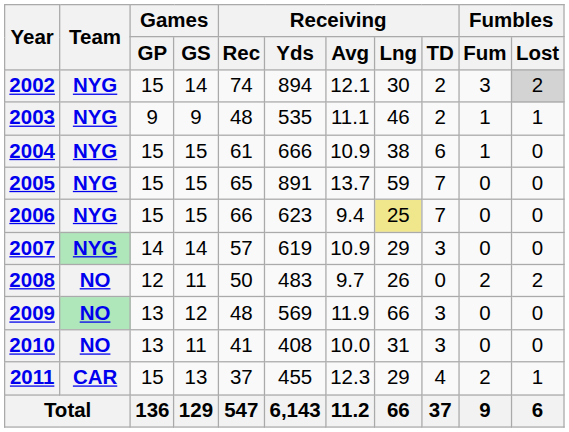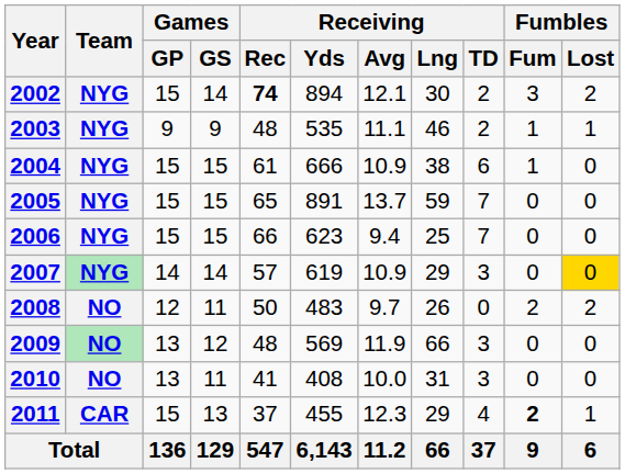 <table class="wikitable" style="text-align: center;">
 <tr>
 <th rowspan="2">Year</th>
 <th rowspan="2">Team</th>
 <th colspan="2">Games</th>
 <th colspan="5">Receiving</th>
 <th colspan="2">Fumbles</th>
 </tr>
 <tr>
 <th>GP</th>
 <th>GS</th>
 <th>Rec</th>
 <th>Yds</th>
 <th>Avg</th>
 <th>Lng</th>
 <th>TD</th>
 <th>Fum</th>
 <th>Lost</th>
 </tr>
 <tr>
 <th><a href='#'>2002</a></th>
 <th><a href='#'>NYG</a></th>
 <td>15</td>
 <td>14</td>
-<td>74</td>
+<td><strong>74</strong></td>
 <td>894</td>
 <td>12.1</td>
 <td>30</td>
 <td>2</td>
 <td>3</td>
-<td style="background: lightgrey;">2</td>
+<td>2</td>
 </tr>
 <tr>
 <th><a href='#'>2003</a></th>
 <th><a href='#'>NYG</a></th>
 <td>9</td>
 <td>9</td>
 <td>48</td>
 <td>535</td>
 <td>11.1</td>
 <td>46</td>
 <td>2</td>
 <td>1</td>
 <td>1</td>
 </tr>
 <tr>
 <th><a href='#'>2004</a></th>
 <th><a href='#'>NYG</a></th>
 <td>15</td>
 <td>15</td>
 <td>61</td>
 <td>666</td>
 <td>10.9</td>
 <td>38</td>
 <td>6</td>
 <td>1</td>
 <td>0</td>
 </tr>
 <tr>
 <th><a href='#'>2005</a></th>
 <th><a href='#'>NYG</a></th>
 <td>15</td>
 <td>15</td>
 <td>65</td>
 <td>891</td>
 <td>13.7</td>
 <td>59</td>
 <td>7</td>
 <td>0</td>
 <td>0</td>
 </tr>
 <tr>
 <th><a href='#'>2006</a></th>
 <th><a href='#'>NYG</a></th>
 <td>15</td>
 <td>15</td>
 <td>66</td>
 <td>623</td>
 <td>9.4</td>
-<td style="background: khaki;">25</td>
+<td>25</td>
 <td>7</td>
 <td>0</td>
 <td>0</td>
 </tr>
 <tr>
 <th><a href='#'>2007</a></th>
 <th style="background:#afe6ba; width:3em;"><a href='#'>NYG</a></th>
 <td>14</td>
 <td>14</td>
 <td>57</td>
 <td>619</td>
 <td>10.9</td>
 <td>29</td>
 <td>3</td>
 <td>0</td>
-<td>0</td>
+<td style="background: gold;">0</td>
 </tr>
 <tr>
 <th><a href='#'>2008</a></th>
 <th><a href='#'>NO</a></th>
 <td>12</td>
 <td>11</td>
 <td>50</td>
 <td>483</td>
 <td>9.7</td>
 <td>26</td>
 <td>0</td>
 <td>2</td>
 <td>2</td>
 </tr>
 <tr>
 <th><a href='#'>2009</a></th>
 <th style="background:#afe6ba; width:3em;"><a href='#'>NO</a></th>
 <td>13</td>
 <td>12</td>
 <td>48</td>
 <td>569</td>
 <td>11.9</td>
 <td>66</td>
 <td>3</td>
 <td>0</td>
 <td>0</td>
 </tr>
 <tr>
 <th><a href='#'>2010</a></th>
 <th><a href='#'>NO</a></th>
 <td>13</td>
 <td>11</td>
 <td>41</td>
 <td>408</td>
 <td>10.0</td>
 <td>31</td>
 <td>3</td>
 <td>0</td>
 <td>0</td>
 </tr>
 <tr>
 <th><a href='#'>2011</a></th>
 <th><a href='#'>CAR</a></th>
 <td>15</td>
 <td>13</td>
 <td>37</td>
 <td>455</td>
 <td>12.3</td>
 <td>29</td>
 <td>4</td>
-<td>2</td>
+<td><strong>2</strong></td>
 <td>1</td>
 </tr>
 <tr>
 <th colspan="2">Total</th>
 <th>136</th>
 <th>129</th>
 <th>547</th>
 <th>6,143</th>
 <th>11.2</th>
 <th>66</th>
 <th>37</th>
 <th>9</th>
 <th>6</th>
 </tr>
 </table>
